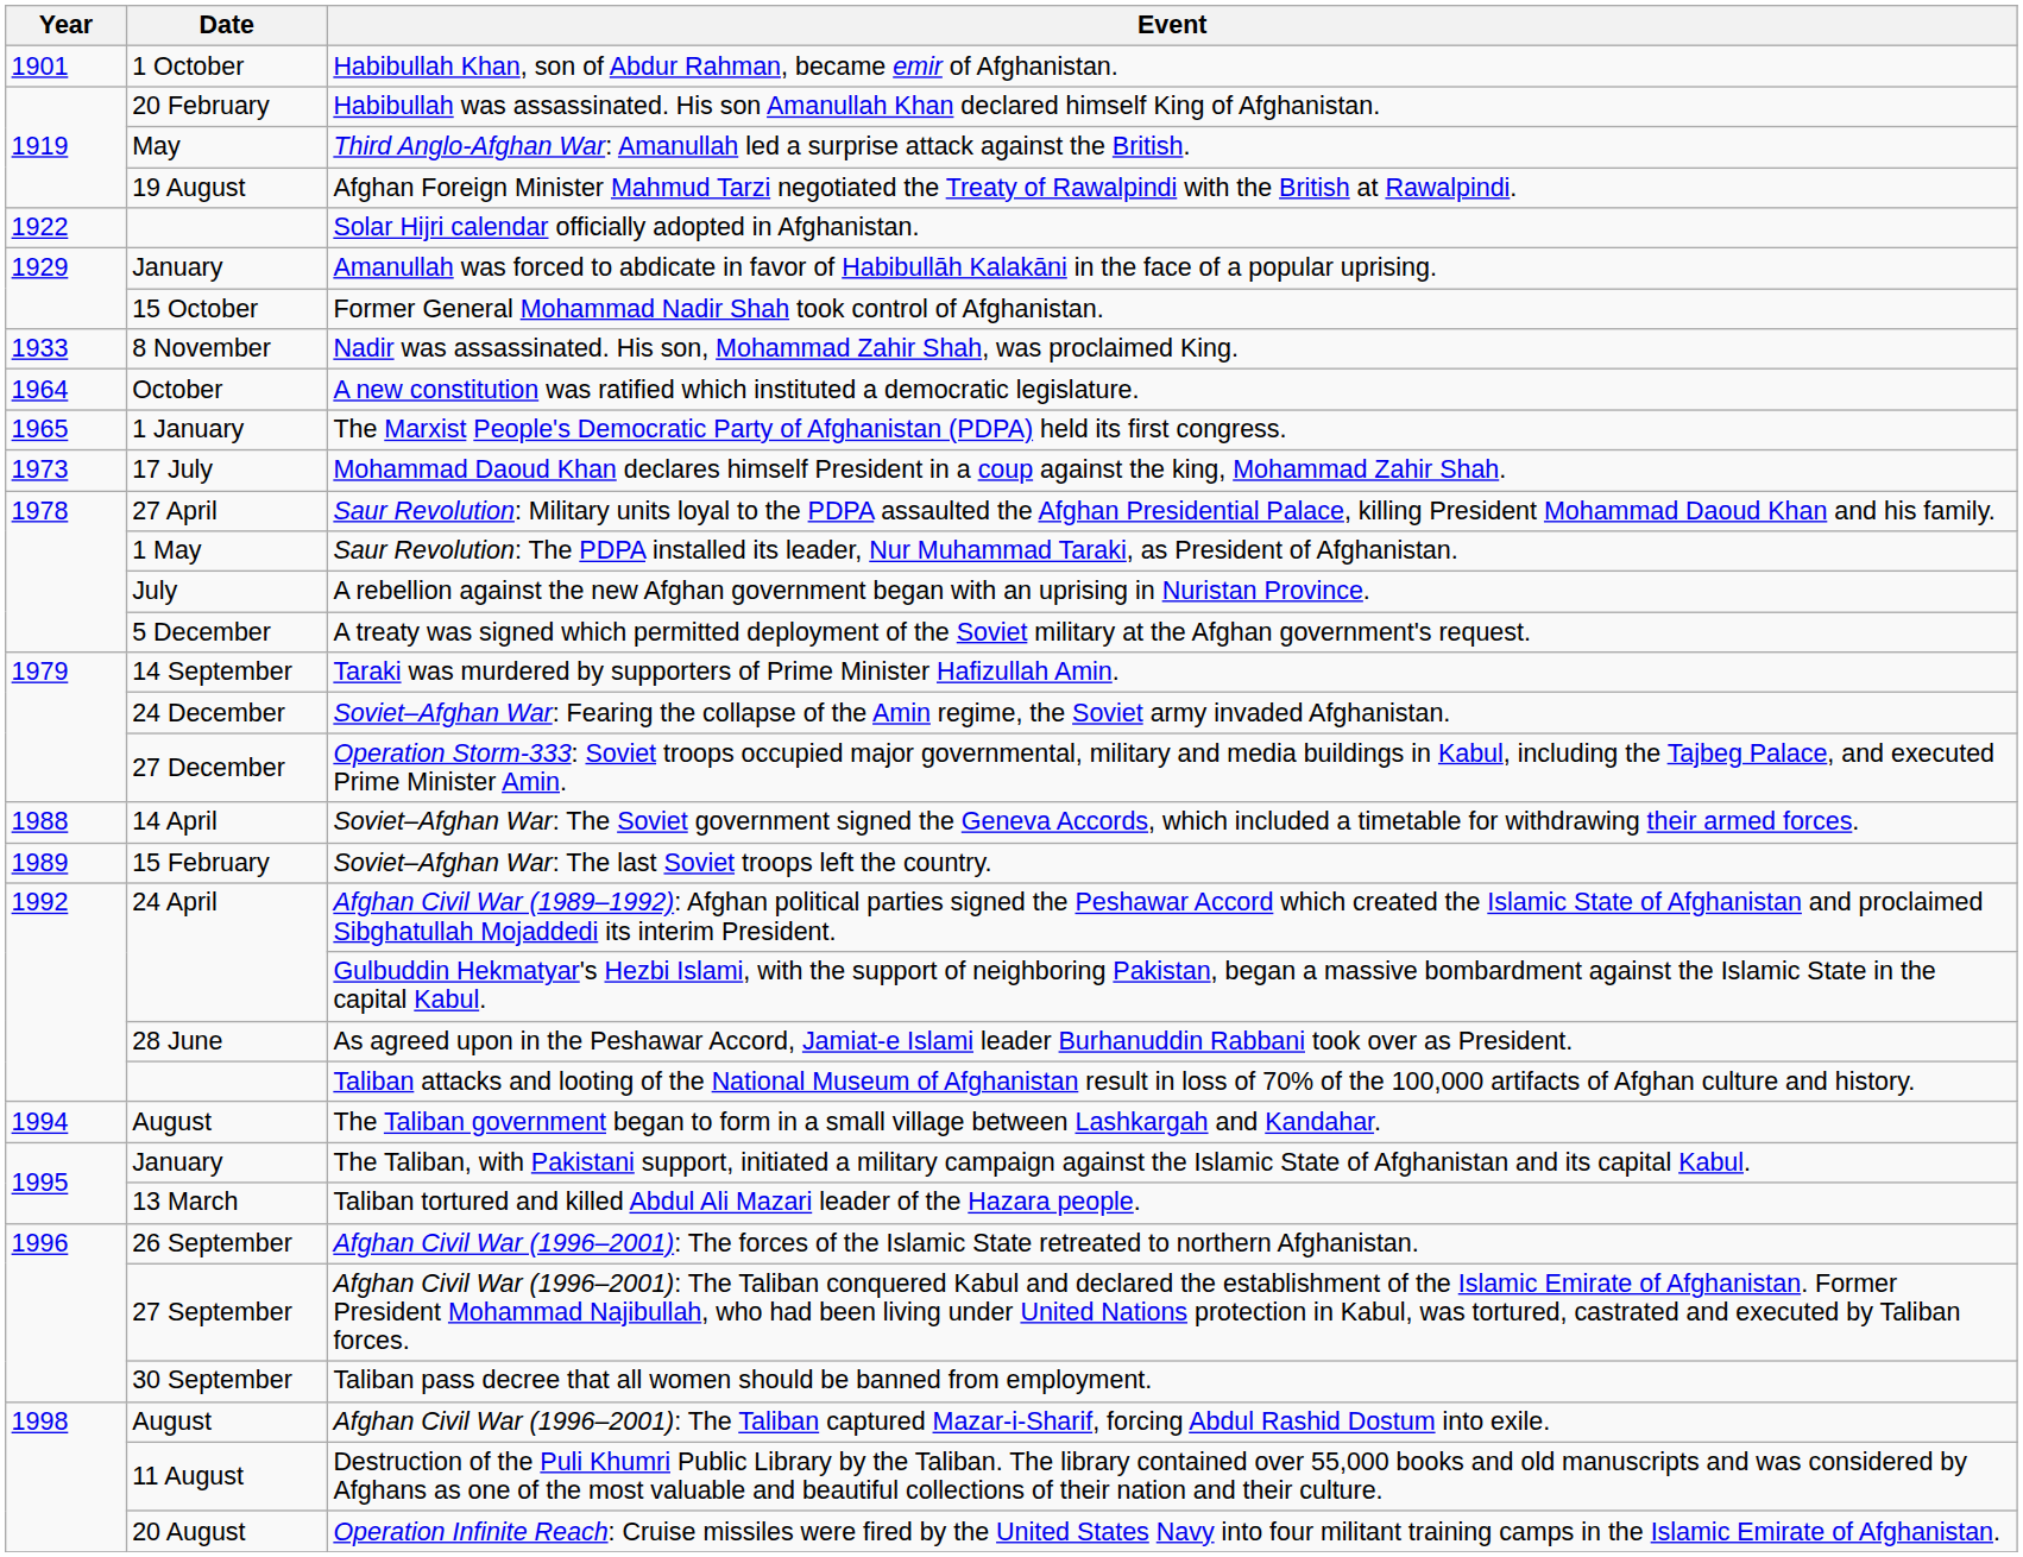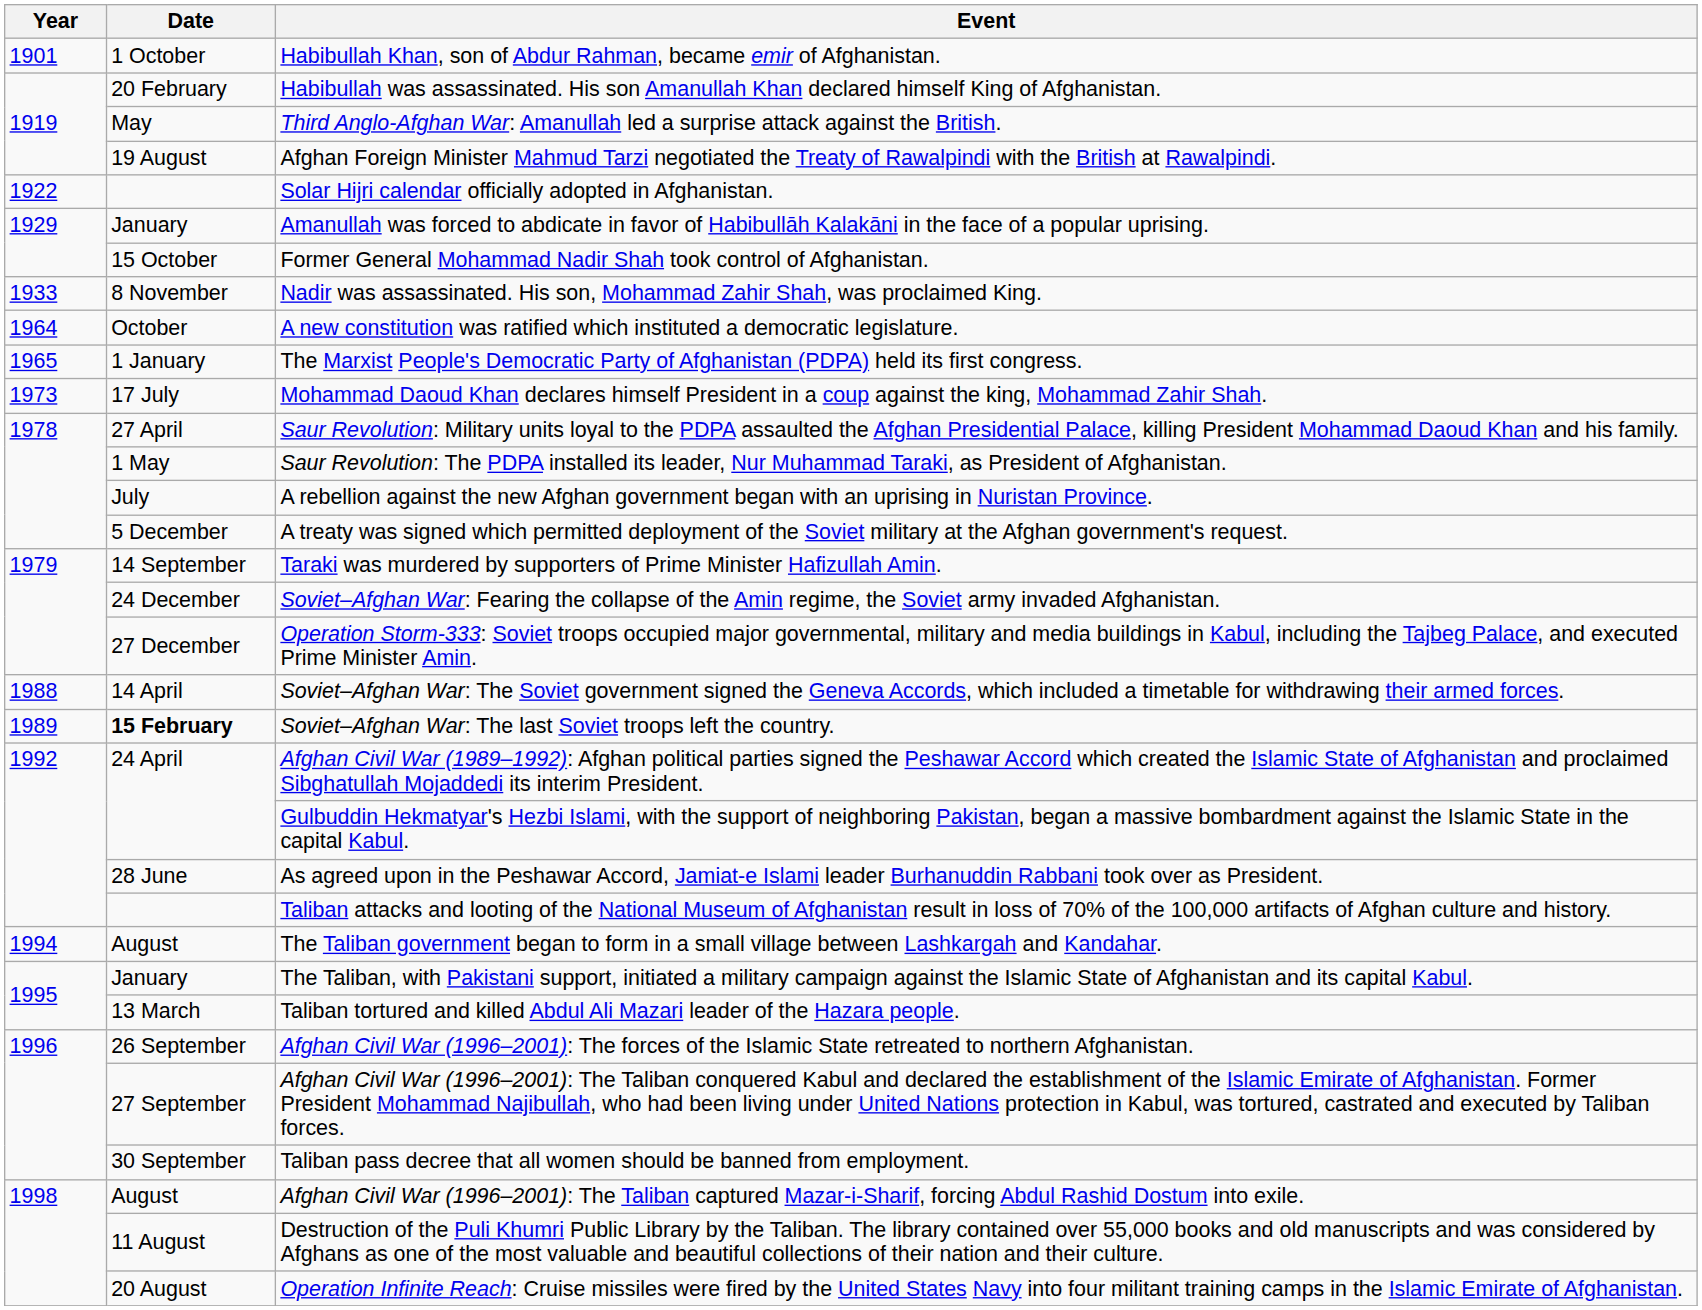 <table class="wikitable" width="100%">
 <tr>
 <th style="width:6%">Year</th>
 <th style="width:10%">Date</th>
 <th>Event</th>
 </tr>
 <tr>
 <td valign="top"><a href='#'>1901</a></td>
 <td>1 October</td>
 <td><a href='#'>Habibullah Khan</a>, son of <a href='#'>Abdur Rahman</a>, became <em><a href='#'>emir</a></em> of Afghanistan.</td>
 </tr>
 <tr>
 <td rowspan="3"><a href='#'>1919</a></td>
 <td>20 February</td>
 <td><a href='#'>Habibullah</a> was assassinated. His son <a href='#'>Amanullah Khan</a> declared himself King of Afghanistan.</td>
 </tr>
 <tr>
 <td>May</td>
 <td><em><a href='#'>Third Anglo-Afghan War</a></em>: <a href='#'>Amanullah</a> led a surprise attack against the <a href='#'>British</a>.</td>
 </tr>
 <tr>
 <td>19 August</td>
 <td>Afghan Foreign Minister <a href='#'>Mahmud Tarzi</a> negotiated the <a href='#'>Treaty of Rawalpindi</a> with the <a href='#'>British</a> at <a href='#'>Rawalpindi</a>.</td>
 </tr>
 <tr>
 <td><a href='#'>1922</a></td>
 <td></td>
 <td><a href='#'>Solar Hijri calendar</a> officially adopted in Afghanistan.</td>
 </tr>
 <tr>
 <td rowspan="2" valign="top"><a href='#'>1929</a></td>
 <td>January</td>
 <td><a href='#'>Amanullah</a> was forced to abdicate in favor of <a href='#'>Habibullāh Kalakāni</a> in the face of a popular uprising.</td>
 </tr>
 <tr>
 <td>15 October</td>
 <td>Former General <a href='#'>Mohammad Nadir Shah</a> took control of Afghanistan.</td>
 </tr>
 <tr>
 <td><a href='#'>1933</a></td>
 <td>8 November</td>
 <td><a href='#'>Nadir</a> was assassinated. His son, <a href='#'>Mohammad Zahir Shah</a>, was proclaimed King.</td>
 </tr>
 <tr>
 <td><a href='#'>1964</a></td>
 <td>October</td>
 <td><a href='#'>A new constitution</a> was ratified which instituted a democratic legislature.</td>
 </tr>
 <tr>
 <td><a href='#'>1965</a></td>
 <td>1 January</td>
 <td>The <a href='#'>Marxist</a> <a href='#'>People's Democratic Party of Afghanistan (PDPA)</a> held its first congress.</td>
 </tr>
 <tr>
 <td><a href='#'>1973</a></td>
 <td>17 July</td>
 <td><a href='#'>Mohammad Daoud Khan</a> declares himself President in a <a href='#'>coup</a> against the king, <a href='#'>Mohammad Zahir Shah</a>.</td>
 </tr>
 <tr>
 <td rowspan="4" valign="top"><a href='#'>1978</a></td>
 <td>27 April</td>
 <td><em><a href='#'>Saur Revolution</a></em>: Military units loyal to the <a href='#'>PDPA</a> assaulted the <a href='#'>Afghan Presidential Palace</a>, killing President <a href='#'>Mohammad Daoud Khan</a> and his family.</td>
 </tr>
 <tr>
 <td>1 May</td>
 <td><em>Saur Revolution</em>: The <a href='#'>PDPA</a> installed its leader, <a href='#'>Nur Muhammad Taraki</a>, as President of Afghanistan.</td>
 </tr>
 <tr>
 <td>July</td>
 <td>A rebellion against the new Afghan government began with an uprising in <a href='#'>Nuristan Province</a>.</td>
 </tr>
 <tr>
 <td>5 December</td>
 <td>A treaty was signed which permitted deployment of the <a href='#'>Soviet</a> military at the Afghan government's request.</td>
 </tr>
 <tr>
 <td rowspan="3" valign="top"><a href='#'>1979</a></td>
 <td>14 September</td>
 <td><a href='#'>Taraki</a> was murdered by supporters of Prime Minister <a href='#'>Hafizullah Amin</a>.</td>
 </tr>
 <tr>
 <td>24 December</td>
 <td><em><a href='#'>Soviet–Afghan War</a></em>: Fearing the collapse of the <a href='#'>Amin</a> regime, the <a href='#'>Soviet</a> army invaded Afghanistan.</td>
 </tr>
 <tr>
 <td>27 December</td>
 <td><em><a href='#'>Operation Storm-333</a></em>: <a href='#'>Soviet</a> troops occupied major governmental, military and media buildings in <a href='#'>Kabul</a>, including the <a href='#'>Tajbeg Palace</a>, and executed Prime Minister <a href='#'>Amin</a>.</td>
 </tr>
 <tr>
 <td><a href='#'>1988</a></td>
 <td>14 April</td>
 <td><em>Soviet–Afghan War</em>: The <a href='#'>Soviet</a> government signed the <a href='#'>Geneva Accords</a>, which included a timetable for withdrawing <a href='#'>their armed forces</a>.</td>
 </tr>
 <tr>
 <td><a href='#'>1989</a></td>
-<td>15 February</td>
+<td><strong>15 February</strong></td>
 <td><em>Soviet–Afghan War</em>: The last <a href='#'>Soviet</a> troops left the country.</td>
 </tr>
 <tr>
 <td rowspan="4" valign="top"><a href='#'>1992</a></td>
 <td rowspan="2" valign="top">24 April</td>
 <td><em><a href='#'>Afghan Civil War (1989–1992)</a></em>: Afghan political parties signed the <a href='#'>Peshawar Accord</a> which created the <a href='#'>Islamic State of Afghanistan</a> and proclaimed <a href='#'>Sibghatullah Mojaddedi</a> its interim President.</td>
 </tr>
 <tr>
 <td><a href='#'>Gulbuddin Hekmatyar</a>'s <a href='#'>Hezbi Islami</a>, with the support of neighboring <a href='#'>Pakistan</a>, began a massive bombardment against the Islamic State in the capital <a href='#'>Kabul</a>.</td>
 </tr>
 <tr>
 <td>28 June</td>
 <td>As agreed upon in the Peshawar Accord, <a href='#'>Jamiat-e Islami</a> leader <a href='#'>Burhanuddin Rabbani</a> took over as President.</td>
 </tr>
 <tr>
 <td></td>
 <td><a href='#'>Taliban</a> attacks and looting of the <a href='#'>National Museum of Afghanistan</a> result in loss of 70% of the 100,000 artifacts of Afghan culture and history.</td>
 </tr>
 <tr>
 <td><a href='#'>1994</a></td>
 <td>August</td>
 <td>The <a href='#'>Taliban government</a> began to form in a small village between <a href='#'>Lashkargah</a> and <a href='#'>Kandahar</a>.</td>
 </tr>
 <tr>
 <td rowspan="2"><a href='#'>1995</a></td>
 <td>January</td>
 <td>The Taliban, with <a href='#'>Pakistani</a> support, initiated a military campaign against the Islamic State of Afghanistan and its capital <a href='#'>Kabul</a>.</td>
 </tr>
 <tr>
 <td>13 March</td>
 <td>Taliban tortured and killed <a href='#'>Abdul Ali Mazari</a> leader of the <a href='#'>Hazara people</a>.</td>
 </tr>
 <tr>
 <td rowspan="3" valign="top"><a href='#'>1996</a></td>
 <td>26 September</td>
 <td><em><a href='#'>Afghan Civil War (1996–2001)</a></em>: The forces of the Islamic State retreated to northern Afghanistan.</td>
 </tr>
 <tr>
 <td>27 September</td>
 <td><em>Afghan Civil War (1996–2001)</em>: The Taliban conquered Kabul and declared the establishment of the <a href='#'>Islamic Emirate of Afghanistan</a>. Former President <a href='#'>Mohammad Najibullah</a>, who had been living under <a href='#'>United Nations</a> protection in Kabul, was tortured, castrated and executed by Taliban forces.</td>
 </tr>
 <tr>
 <td>30 September</td>
 <td>Taliban pass decree that all women should be banned from employment.</td>
 </tr>
 <tr>
 <td rowspan="3" valign="top"><a href='#'>1998</a></td>
 <td>August</td>
 <td><em>Afghan Civil War (1996–2001)</em>: The <a href='#'>Taliban</a> captured <a href='#'>Mazar-i-Sharif</a>, forcing <a href='#'>Abdul Rashid Dostum</a> into exile.</td>
 </tr>
 <tr>
 <td>11 August</td>
 <td>Destruction of the <a href='#'>Puli Khumri</a> Public Library by the Taliban. The library contained over 55,000 books and old manuscripts and was considered by Afghans as one of the most valuable and beautiful collections of their nation and their culture.</td>
 </tr>
 <tr>
 <td>20 August</td>
 <td><em><a href='#'>Operation Infinite Reach</a></em>: Cruise missiles were fired by the <a href='#'>United States</a> <a href='#'>Navy</a> into four militant training camps in the <a href='#'>Islamic Emirate of Afghanistan</a>.</td>
 </tr>
 </table>
